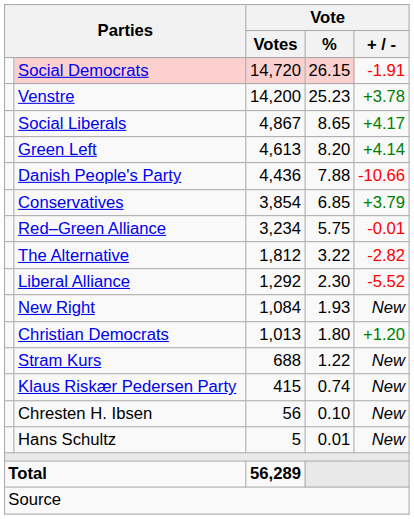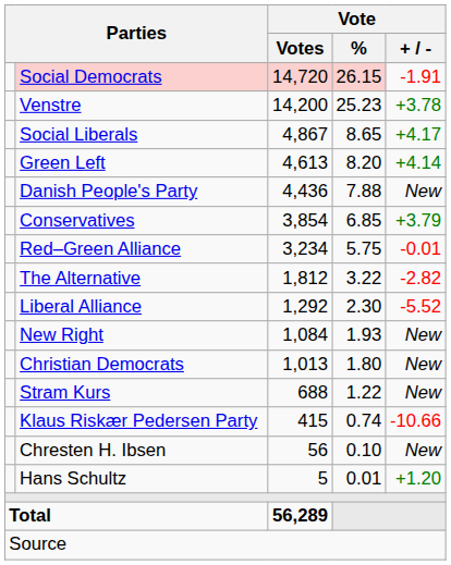 <table class="wikitable" style="text-align:right;">
 <tr>
 <th style="text-align:centre;" rowspan="2" colspan="2" width="225">Parties</th>
 <th colspan="3">Vote</th>
 </tr>
 <tr>
 <th width="15">Votes</th>
 <th width="15">%</th>
 <th width="15">+ / -</th>
 </tr>
 <tr>
 <td width="2" style="color:inherit;background:"></td>
 <td bgcolor=#fbd0ce  align="left"><a href='#'>Social Democrats</a></td>
 <td bgcolor=#fbd0ce>14,720</td>
 <td bgcolor=#fbd0ce>26.15</td>
 <td style=color:red;>-1.91</td>
 </tr>
 <tr>
 <td width="2" style="color:inherit;background:"></td>
 <td align="left"><a href='#'>Venstre</a></td>
 <td>14,200</td>
 <td>25.23</td>
 <td style=color:green;>+3.78</td>
 </tr>
 <tr>
 <td width="2" style="color:inherit;background:"></td>
 <td align="left"><a href='#'>Social Liberals</a></td>
 <td>4,867</td>
 <td>8.65</td>
 <td style=color:green;>+4.17</td>
 </tr>
 <tr>
 <td width="2" style="color:inherit;background:"></td>
 <td align="left"><a href='#'>Green Left</a></td>
 <td>4,613</td>
 <td>8.20</td>
 <td style=color:green;>+4.14</td>
 </tr>
 <tr>
 <td width="2" style="color:inherit;background:"></td>
 <td align="left"><a href='#'>Danish People's Party</a></td>
 <td>4,436</td>
 <td>7.88</td>
-<td style=color:red;>-10.66</td>
+<td><em>New</em></td>
 </tr>
 <tr>
 <td width="2" style="color:inherit;background:"></td>
 <td align="left"><a href='#'>Conservatives</a></td>
 <td>3,854</td>
 <td>6.85</td>
 <td style=color:green;>+3.79</td>
 </tr>
 <tr>
 <td width="2" style="color:inherit;background:"></td>
 <td align="left"><a href='#'>Red–Green Alliance</a></td>
 <td>3,234</td>
 <td>5.75</td>
 <td style=color:red;>-0.01</td>
 </tr>
 <tr>
 <td width="2" style="color:inherit;background:"></td>
 <td align="left"><a href='#'>The Alternative</a></td>
 <td>1,812</td>
 <td>3.22</td>
 <td style=color:red;>-2.82</td>
 </tr>
 <tr>
 <td width="2" style="color:inherit;background:"></td>
 <td align="left"><a href='#'>Liberal Alliance</a></td>
 <td>1,292</td>
 <td>2.30</td>
 <td style=color:red;>-5.52</td>
 </tr>
 <tr>
 <td width="2" style="color:inherit;background:"></td>
 <td align="left"><a href='#'>New Right</a></td>
 <td>1,084</td>
 <td>1.93</td>
 <td><em>New</em></td>
 </tr>
 <tr>
 <td width="2" style="color:inherit;background:"></td>
 <td align="left"><a href='#'>Christian Democrats</a></td>
 <td>1,013</td>
 <td>1.80</td>
-<td style=color:green;>+1.20</td>
+<td><em>New</em></td>
 </tr>
 <tr>
 <td width="2" style="color:inherit;background:"></td>
 <td align="left"><a href='#'>Stram Kurs</a></td>
 <td>688</td>
 <td>1.22</td>
 <td><em>New</em></td>
 </tr>
 <tr>
 <td width="2" style="color:inherit;background:"></td>
 <td align="left"><a href='#'>Klaus Riskær Pedersen Party</a></td>
 <td>415</td>
 <td>0.74</td>
-<td><em>New</em></td>
+<td style=color:red;>-10.66</td>
 </tr>
 <tr>
 <td width="2" style="color:inherit;background:"></td>
 <td align="left">Chresten H. Ibsen</td>
 <td>56</td>
 <td>0.10</td>
 <td><em>New</em></td>
 </tr>
 <tr>
 <td width="2" style="color:inherit;background:"></td>
 <td align="left">Hans Schultz</td>
 <td>5</td>
 <td>0.01</td>
-<td><em>New</em></td>
+<td style=color:green;>+1.20</td>
 </tr>
 <tr>
 <td colspan="7" bgcolor="#E9E9E9"></td>
 </tr>
 <tr>
 <td align="left" colspan="2"><strong>Total</strong></td>
 <td><strong>56,289</strong></td>
 <td bgcolor="#E9E9E9" colspan="2"></td>
 </tr>
 <tr>
 <td align="left" colspan="6">Source</td>
 </tr>
 </table>
